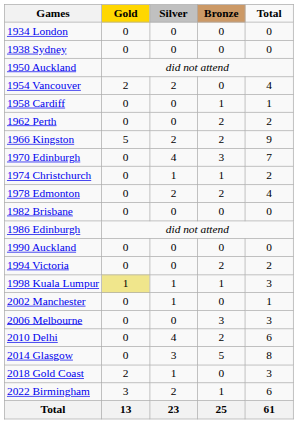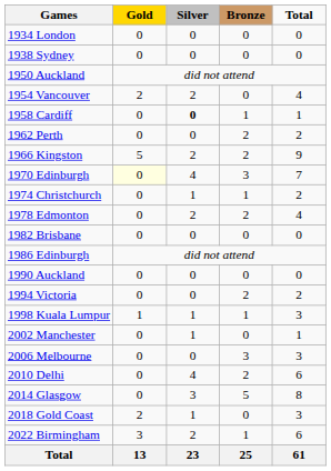 <table class="wikitable" style="text-align:center">
 <tr>
 <th>Games</th>
 <td width=60 bgcolor=gold><strong>Gold</strong></td>
 <td width=60 bgcolor=silver><strong>Silver</strong></td>
 <td width=60 bgcolor=cc9966><strong>Bronze</strong></td>
 <td width=60><strong>Total</strong></td>
 </tr>
 <tr>
 <td align=left><a href='#'>1934 London</a></td>
 <td>0</td>
 <td>0</td>
 <td>0</td>
 <td>0</td>
 </tr>
 <tr>
 <td align=left><a href='#'>1938 Sydney</a></td>
 <td>0</td>
 <td>0</td>
 <td>0</td>
 <td>0</td>
 </tr>
 <tr>
 <td align=left><a href='#'>1950 Auckland</a></td>
 <td colspan=4><em>did not attend</em></td>
 </tr>
 <tr>
 <td align=left><a href='#'>1954 Vancouver</a></td>
 <td>2</td>
 <td>2</td>
 <td>0</td>
 <td>4</td>
 </tr>
 <tr>
 <td align=left><a href='#'>1958 Cardiff</a></td>
 <td>0</td>
-<td>0</td>
+<td><strong>0</strong></td>
 <td>1</td>
 <td>1</td>
 </tr>
 <tr>
 <td align=left><a href='#'>1962 Perth</a></td>
 <td>0</td>
 <td>0</td>
 <td>2</td>
 <td>2</td>
 </tr>
 <tr>
 <td align=left><a href='#'>1966 Kingston</a></td>
 <td>5</td>
 <td>2</td>
 <td>2</td>
 <td>9</td>
 </tr>
 <tr>
 <td align=left><a href='#'>1970 Edinburgh</a></td>
-<td>0</td>
+<td style="background: lightyellow;">0</td>
 <td>4</td>
 <td>3</td>
 <td>7</td>
 </tr>
 <tr>
 <td align=left><a href='#'>1974 Christchurch</a></td>
 <td>0</td>
 <td>1</td>
 <td>1</td>
 <td>2</td>
 </tr>
 <tr>
 <td align=left><a href='#'>1978 Edmonton</a></td>
 <td>0</td>
 <td>2</td>
 <td>2</td>
 <td>4</td>
 </tr>
 <tr>
 <td align=left><a href='#'>1982 Brisbane</a></td>
 <td>0</td>
 <td>0</td>
 <td>0</td>
 <td>0</td>
 </tr>
 <tr>
 <td align=left><a href='#'>1986 Edinburgh</a></td>
 <td colspan=4><em>did not attend</em></td>
 </tr>
 <tr>
 <td align=left><a href='#'>1990 Auckland</a></td>
 <td>0</td>
 <td>0</td>
 <td>0</td>
 <td>0</td>
 </tr>
 <tr>
 <td align=left><a href='#'>1994 Victoria</a></td>
 <td>0</td>
 <td>0</td>
 <td>2</td>
 <td>2</td>
 </tr>
 <tr>
 <td align=left><a href='#'>1998 Kuala Lumpur</a></td>
-<td style="background: khaki;">1</td>
+<td>1</td>
 <td>1</td>
 <td>1</td>
 <td>3</td>
 </tr>
 <tr>
 <td align=left><a href='#'>2002 Manchester</a></td>
 <td>0</td>
 <td>1</td>
 <td>0</td>
 <td>1</td>
 </tr>
 <tr>
 <td align=left><a href='#'>2006 Melbourne</a></td>
 <td>0</td>
 <td>0</td>
 <td>3</td>
 <td>3</td>
 </tr>
 <tr>
 <td align=left><a href='#'>2010 Delhi</a></td>
 <td>0</td>
 <td>4</td>
 <td>2</td>
 <td>6</td>
 </tr>
 <tr>
 <td align=left><a href='#'>2014 Glasgow</a></td>
 <td>0</td>
 <td>3</td>
 <td>5</td>
 <td>8</td>
 </tr>
 <tr>
 <td align=left><a href='#'>2018 Gold Coast</a></td>
 <td>2</td>
 <td>1</td>
 <td>0</td>
 <td>3</td>
 </tr>
 <tr>
 <td align=left><a href='#'>2022 Birmingham</a></td>
 <td>3</td>
 <td>2</td>
 <td>1</td>
 <td>6</td>
 </tr>
 <tr>
 <th>Total</th>
 <th>13</th>
 <th>23</th>
 <th>25</th>
 <th>61</th>
 </tr>
 </table>
